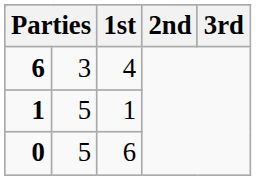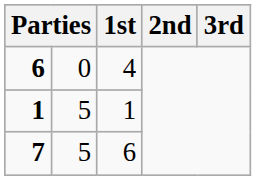 <table class="wikitable" style="text-align:right;">
 <tr>
 <th colspan=2 style="text-align:left;">Parties</th>
 <th>1st</th>
 <th>2nd</th>
 <th>3rd</th>
 </tr>
 <tr>
 <td><strong>6</strong></td>
-<td>3</td>
+<td>0</td>
 <td>4</td>
 </tr>
 <tr>
 <td><strong>1</strong></td>
 <td>5</td>
 <td>1</td>
 </tr>
 <tr>
-<td><strong>0</strong></td>
+<td><strong>7</strong></td>
 <td>5</td>
 <td>6</td>
 </tr>
 </table>
